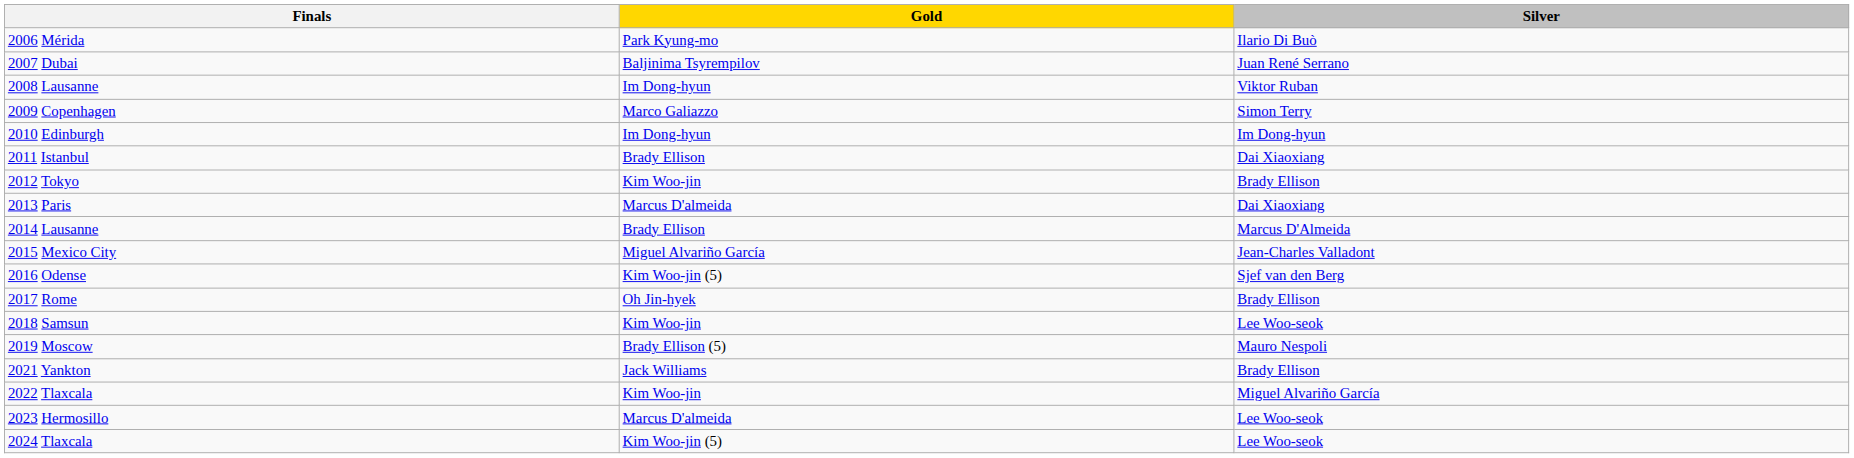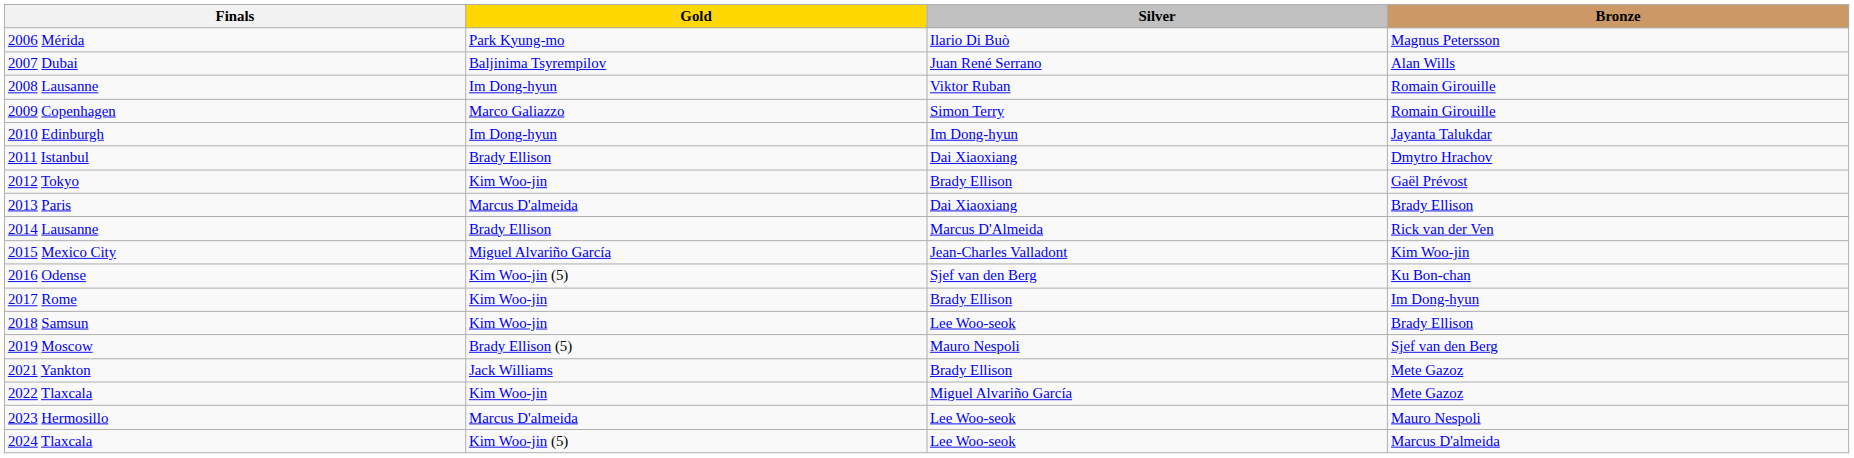 <table class="wikitable" style="width:100%">
 <tr>
 <th style="width:25%;">Finals</th>
 <th style="width:25%; background:gold">Gold</th>
 <th style="width:25%; background:silver">Silver</th>
+<th style="width:25%; background:#cc9966">Bronze</th>
 </tr>
 <tr>
 <td> <a href='#'>2006</a> <a href='#'>Mérida</a></td>
 <td> <a href='#'>Park Kyung-mo</a></td>
 <td> <a href='#'>Ilario Di Buò</a></td>
+<td> <a href='#'>Magnus Petersson</a></td>
 </tr>
 <tr>
 <td> <a href='#'>2007</a> <a href='#'>Dubai</a></td>
 <td> <a href='#'>Baljinima Tsyrempilov</a></td>
 <td> <a href='#'>Juan René Serrano</a></td>
+<td> <a href='#'>Alan Wills</a></td>
 </tr>
 <tr>
 <td> <a href='#'>2008</a> <a href='#'>Lausanne</a></td>
 <td> <a href='#'>Im Dong-hyun</a></td>
 <td> <a href='#'>Viktor Ruban</a></td>
+<td> <a href='#'>Romain Girouille</a></td>
 </tr>
 <tr>
 <td> <a href='#'>2009</a> <a href='#'>Copenhagen</a></td>
 <td> <a href='#'>Marco Galiazzo</a></td>
 <td> <a href='#'>Simon Terry</a></td>
+<td> <a href='#'>Romain Girouille</a></td>
 </tr>
 <tr>
 <td> <a href='#'>2010</a> <a href='#'>Edinburgh</a></td>
 <td> <a href='#'>Im Dong-hyun</a></td>
 <td> <a href='#'>Im Dong-hyun</a></td>
+<td> <a href='#'>Jayanta Talukdar</a></td>
 </tr>
 <tr>
 <td> <a href='#'>2011</a> <a href='#'>Istanbul</a></td>
 <td> <a href='#'>Brady Ellison</a></td>
 <td> <a href='#'>Dai Xiaoxiang</a></td>
+<td> <a href='#'>Dmytro Hrachov</a></td>
 </tr>
 <tr>
 <td> <a href='#'>2012</a> <a href='#'>Tokyo</a></td>
 <td> <a href='#'>Kim Woo-jin</a></td>
 <td> <a href='#'>Brady Ellison</a></td>
+<td> <a href='#'>Gaël Prévost</a></td>
 </tr>
 <tr>
 <td> <a href='#'>2013</a> <a href='#'>Paris</a></td>
 <td> <a href='#'>Marcus D'almeida</a></td>
 <td> <a href='#'>Dai Xiaoxiang</a></td>
+<td> <a href='#'>Brady Ellison</a></td>
 </tr>
 <tr>
 <td> <a href='#'>2014</a> <a href='#'>Lausanne</a></td>
 <td> <a href='#'>Brady Ellison</a></td>
 <td> <a href='#'>Marcus D'Almeida</a></td>
+<td> <a href='#'>Rick van der Ven</a></td>
 </tr>
 <tr>
 <td> <a href='#'>2015</a> <a href='#'>Mexico City</a></td>
 <td> <a href='#'>Miguel Alvariño García</a></td>
 <td> <a href='#'>Jean-Charles Valladont</a></td>
+<td> <a href='#'>Kim Woo-jin</a></td>
 </tr>
 <tr>
 <td> <a href='#'>2016</a> <a href='#'>Odense</a></td>
 <td> <a href='#'>Kim Woo-jin</a> (5)</td>
 <td> <a href='#'>Sjef van den Berg</a></td>
+<td> <a href='#'>Ku Bon-chan</a></td>
 </tr>
 <tr>
 <td> <a href='#'>2017</a> <a href='#'>Rome</a></td>
-<td> <a href='#'>Oh Jin-hyek</a></td>
+<td> <a href='#'>Kim Woo-jin</a></td>
 <td> <a href='#'>Brady Ellison</a></td>
+<td> <a href='#'>Im Dong-hyun</a></td>
 </tr>
 <tr>
 <td> <a href='#'>2018</a> <a href='#'>Samsun</a></td>
 <td> <a href='#'>Kim Woo-jin</a></td>
 <td> <a href='#'>Lee Woo-seok</a></td>
+<td> <a href='#'>Brady Ellison</a></td>
 </tr>
 <tr>
 <td> <a href='#'>2019</a> <a href='#'>Moscow</a></td>
 <td> <a href='#'>Brady Ellison</a> (5)</td>
 <td> <a href='#'>Mauro Nespoli</a></td>
+<td> <a href='#'>Sjef van den Berg</a></td>
 </tr>
 <tr>
 <td> <a href='#'>2021</a> <a href='#'>Yankton</a></td>
 <td> <a href='#'>Jack Williams</a></td>
 <td> <a href='#'>Brady Ellison</a></td>
+<td> <a href='#'>Mete Gazoz</a></td>
 </tr>
 <tr>
 <td> <a href='#'>2022</a> <a href='#'>Tlaxcala</a></td>
 <td> <a href='#'>Kim Woo-jin</a></td>
 <td> <a href='#'>Miguel Alvariño García</a></td>
+<td> <a href='#'>Mete Gazoz</a></td>
 </tr>
 <tr>
 <td> <a href='#'>2023</a> <a href='#'>Hermosillo</a></td>
 <td> <a href='#'>Marcus D'almeida</a></td>
 <td> <a href='#'>Lee Woo-seok</a></td>
+<td> <a href='#'>Mauro Nespoli</a></td>
 </tr>
 <tr>
 <td> <a href='#'>2024</a> <a href='#'>Tlaxcala</a></td>
 <td> <a href='#'>Kim Woo-jin</a> (5)</td>
 <td> <a href='#'>Lee Woo-seok</a></td>
+<td> <a href='#'>Marcus D'almeida</a></td>
 </tr>
 </table>
